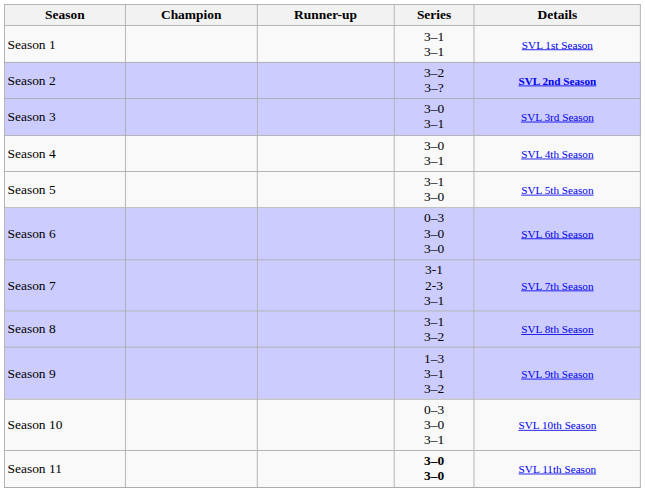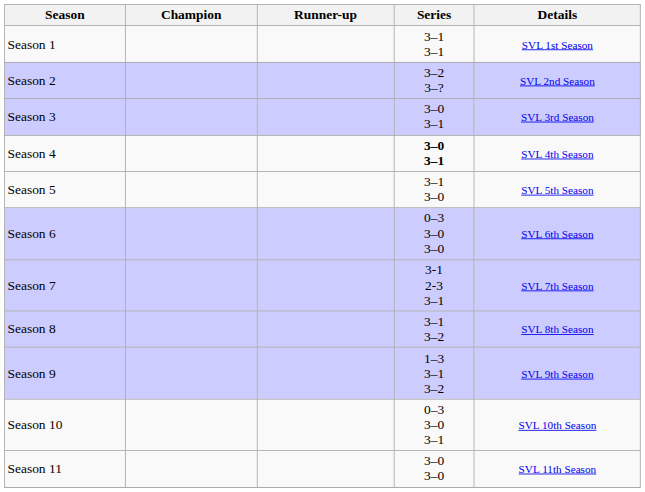 <table class="wikitable" style="width:60%">
 <tr>
 <th>Season</th>
 <th>Champion</th>
 <th>Runner-up</th>
 <th>Series</th>
 <th>Details</th>
 </tr>
 <tr>
 <td>Season 1</td>
 <td><strong></strong></td>
 <td></td>
 <td style="text-align:center">3–1<br>3–1</td>
 <td style="text-align:center"><small><a href='#'>SVL 1st Season</a></small></td>
 </tr>
 <tr bgcolor=#ccccff>
 <td>Season 2</td>
 <td><strong></strong></td>
 <td></td>
 <td style="text-align:center">3–2<br>3–?</td>
-<td style="text-align:center"><strong><small><a href='#'>SVL 2nd Season</a></small></strong></td>
+<td style="text-align:center"><small><a href='#'>SVL 2nd Season</a></small></td>
 </tr>
 <tr bgcolor=#ccccff>
 <td>Season 3</td>
 <td><strong></strong></td>
 <td></td>
 <td style="text-align:center">3–0<br>3–1</td>
 <td style="text-align:center"><small><a href='#'>SVL 3rd Season</a></small></td>
 </tr>
 <tr>
 <td>Season 4</td>
 <td><strong></strong></td>
 <td></td>
-<td style="text-align:center">3–0<br>3–1</td>
+<td style="text-align:center"><strong>3–0<br>3–1</strong></td>
 <td style="text-align:center"><small><a href='#'>SVL 4th Season</a></small></td>
 </tr>
 <tr>
 <td>Season 5</td>
 <td><strong></strong></td>
 <td></td>
 <td style="text-align:center">3–1<br>3–0</td>
 <td style="text-align:center"><small><a href='#'>SVL 5th Season</a></small></td>
 </tr>
 <tr bgcolor=#ccccff>
 <td>Season 6</td>
 <td><strong></strong></td>
 <td></td>
 <td style="text-align:center">0–3<br>3–0<br>3–0</td>
 <td style="text-align:center"><small><a href='#'>SVL 6th Season</a></small></td>
 </tr>
 <tr bgcolor=#ccccff>
 <td>Season 7</td>
 <td><strong></strong></td>
 <td></td>
 <td style="text-align:center">3-1<br>2-3<br>3–1</td>
 <td style="text-align:center"><small><a href='#'>SVL 7th Season</a></small></td>
 </tr>
 <tr bgcolor=#ccccff>
 <td>Season 8</td>
 <td><strong></strong></td>
 <td></td>
 <td style="text-align:center">3–1<br>3–2</td>
 <td style="text-align:center"><small><a href='#'>SVL 8th Season</a></small></td>
 </tr>
 <tr bgcolor=#ccccff>
 <td>Season 9</td>
 <td><strong></strong></td>
 <td></td>
 <td style="text-align:center">1–3<br>3–1<br>3–2</td>
 <td style="text-align:center"><small><a href='#'>SVL 9th Season</a></small></td>
 </tr>
 <tr>
 <td>Season 10</td>
 <td><strong></strong></td>
 <td></td>
 <td style="text-align:center">0–3<br>3–0<br>3–1</td>
 <td style="text-align:center"><small><a href='#'>SVL 10th Season</a></small></td>
 </tr>
 <tr>
 <td>Season 11</td>
 <td><strong></strong></td>
 <td></td>
-<td style="text-align:center"><strong>3–0<br>3–0</strong></td>
+<td style="text-align:center">3–0<br>3–0</td>
 <td style="text-align:center"><small><a href='#'>SVL 11th Season</a></small></td>
 </tr>
 <tr>
 </tr>
 </table>
